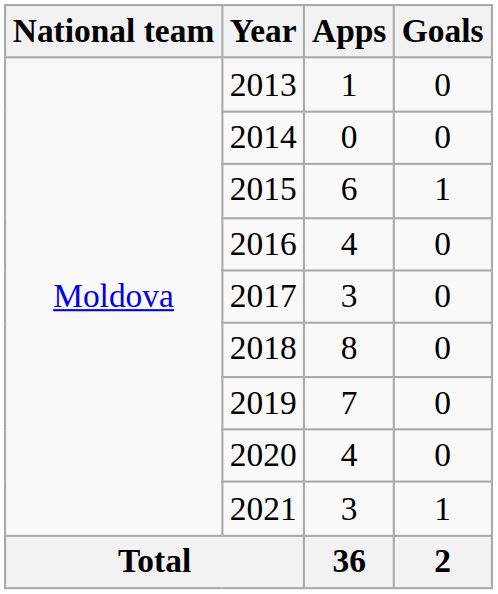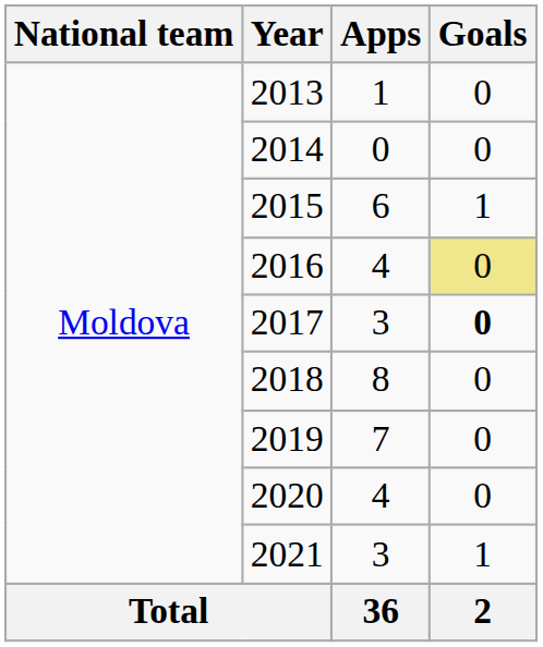 <table class="wikitable" style="text-align:center">
 <tr>
 <th>National team</th>
 <th>Year</th>
 <th>Apps</th>
 <th>Goals</th>
 </tr>
 <tr>
 <td rowspan="9"><a href='#'>Moldova</a></td>
 <td>2013</td>
 <td>1</td>
 <td>0</td>
 </tr>
 <tr>
 <td>2014</td>
 <td>0</td>
 <td>0</td>
 </tr>
 <tr>
 <td>2015</td>
 <td>6</td>
 <td>1</td>
 </tr>
 <tr>
 <td>2016</td>
 <td>4</td>
-<td>0</td>
+<td style="background: khaki;">0</td>
 </tr>
 <tr>
 <td>2017</td>
 <td>3</td>
-<td>0</td>
+<td><strong>0</strong></td>
 </tr>
 <tr>
 <td>2018</td>
 <td>8</td>
 <td>0</td>
 </tr>
 <tr>
 <td>2019</td>
 <td>7</td>
 <td>0</td>
 </tr>
 <tr>
 <td>2020</td>
 <td>4</td>
 <td>0</td>
 </tr>
 <tr>
 <td>2021</td>
 <td>3</td>
 <td>1</td>
 </tr>
 <tr>
 <th colspan=2>Total</th>
 <th>36</th>
 <th>2</th>
 </tr>
 </table>
